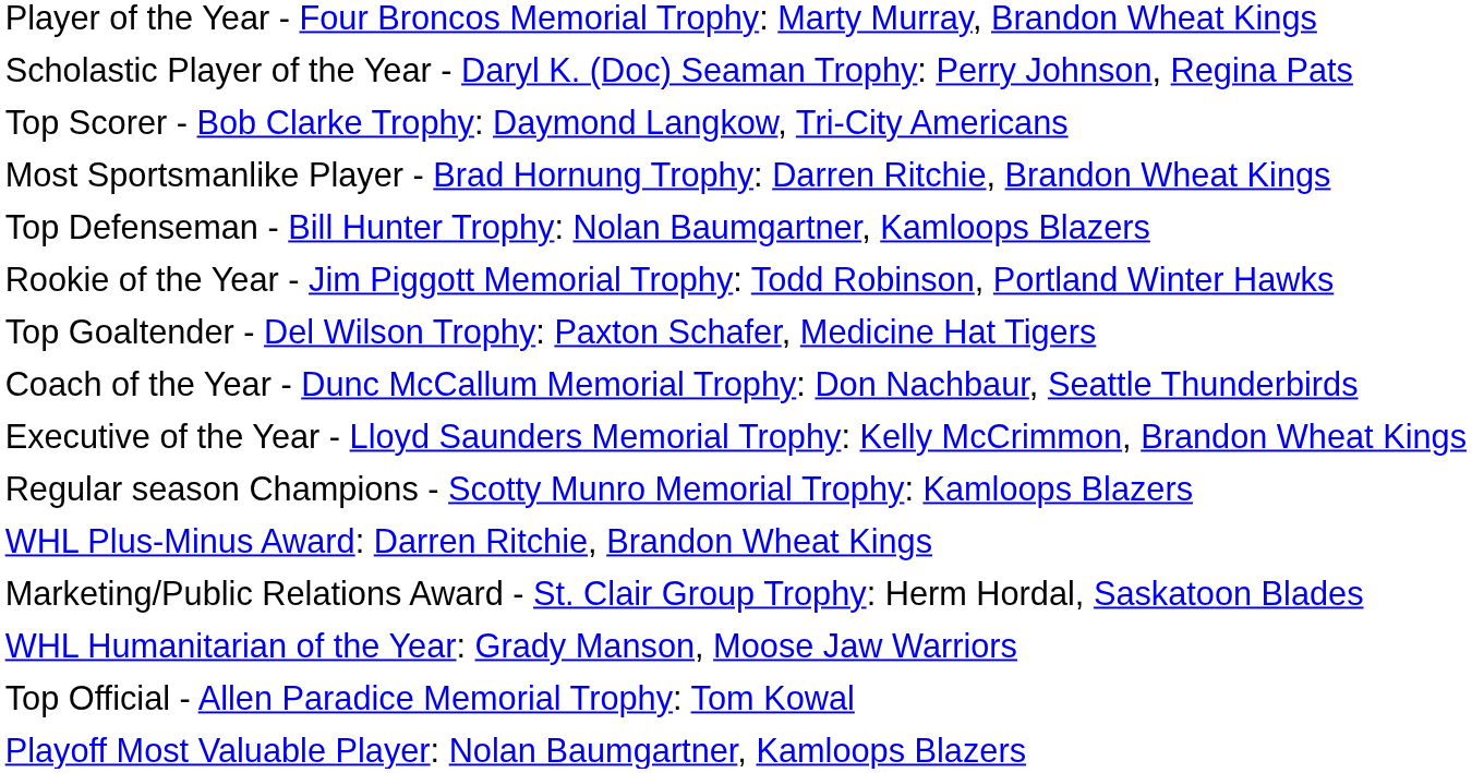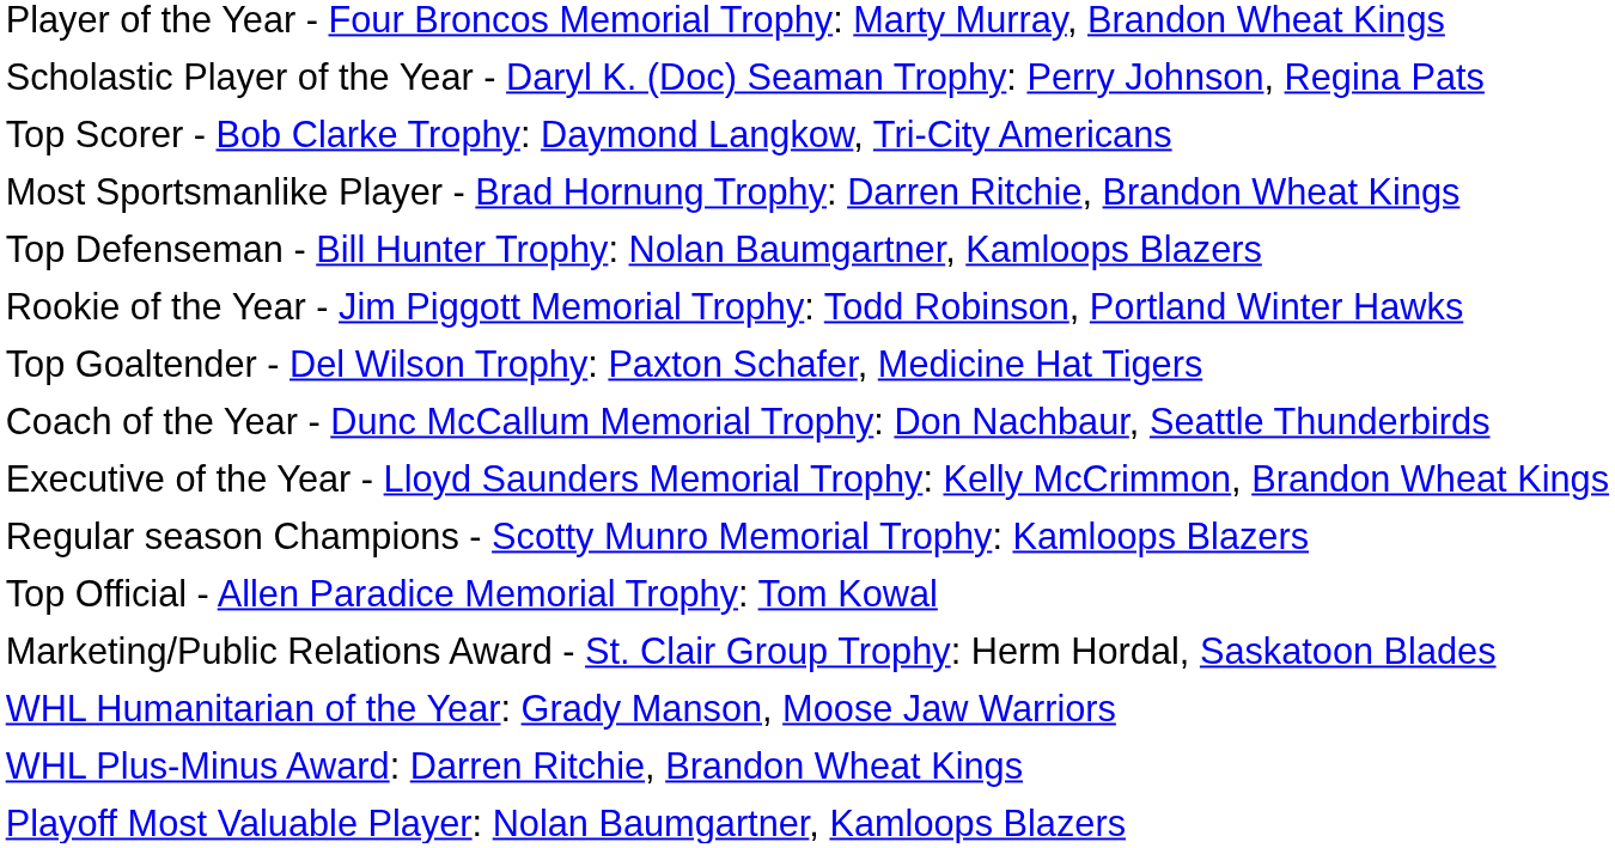 <table cellpadding="3" cellspacing="1">
 <tr>
 <td>Player of the Year - <a href='#'>Four Broncos Memorial Trophy</a>: <a href='#'>Marty Murray</a>, <a href='#'>Brandon Wheat Kings</a></td>
 </tr>
 <tr>
 <td>Scholastic Player of the Year - <a href='#'>Daryl K. (Doc) Seaman Trophy</a>: <a href='#'>Perry Johnson</a>, <a href='#'>Regina Pats</a></td>
 </tr>
 <tr>
 <td>Top Scorer - <a href='#'>Bob Clarke Trophy</a>: <a href='#'>Daymond Langkow</a>, <a href='#'>Tri-City Americans</a></td>
 </tr>
 <tr>
 <td>Most Sportsmanlike Player - <a href='#'>Brad Hornung Trophy</a>: <a href='#'>Darren Ritchie</a>, <a href='#'>Brandon Wheat Kings</a></td>
 </tr>
 <tr>
 <td>Top Defenseman - <a href='#'>Bill Hunter Trophy</a>: <a href='#'>Nolan Baumgartner</a>, <a href='#'>Kamloops Blazers</a></td>
 </tr>
 <tr>
 <td>Rookie of the Year - <a href='#'>Jim Piggott Memorial Trophy</a>: <a href='#'>Todd Robinson</a>, <a href='#'>Portland Winter Hawks</a></td>
 </tr>
 <tr>
 <td>Top Goaltender - <a href='#'>Del Wilson Trophy</a>: <a href='#'>Paxton Schafer</a>, <a href='#'>Medicine Hat Tigers</a></td>
 </tr>
 <tr>
 <td>Coach of the Year - <a href='#'>Dunc McCallum Memorial Trophy</a>: <a href='#'>Don Nachbaur</a>, <a href='#'>Seattle Thunderbirds</a></td>
 </tr>
 <tr>
 <td>Executive of the Year - <a href='#'>Lloyd Saunders Memorial Trophy</a>: <a href='#'>Kelly McCrimmon</a>, <a href='#'>Brandon Wheat Kings</a></td>
 </tr>
 <tr>
 <td>Regular season Champions - <a href='#'>Scotty Munro Memorial Trophy</a>: <a href='#'>Kamloops Blazers</a></td>
 </tr>
 <tr>
-<td><a href='#'>WHL Plus-Minus Award</a>: <a href='#'>Darren Ritchie</a>, <a href='#'>Brandon Wheat Kings</a></td>
+<td>Top Official - <a href='#'>Allen Paradice Memorial Trophy</a>: <a href='#'>Tom Kowal</a></td>
 </tr>
 <tr>
 <td>Marketing/Public Relations Award - <a href='#'>St. Clair Group Trophy</a>: Herm Hordal, <a href='#'>Saskatoon Blades</a></td>
 </tr>
 <tr>
 <td><a href='#'>WHL Humanitarian of the Year</a>: <a href='#'>Grady Manson</a>, <a href='#'>Moose Jaw Warriors</a></td>
 </tr>
 <tr>
-<td>Top Official - <a href='#'>Allen Paradice Memorial Trophy</a>: <a href='#'>Tom Kowal</a></td>
+<td><a href='#'>WHL Plus-Minus Award</a>: <a href='#'>Darren Ritchie</a>, <a href='#'>Brandon Wheat Kings</a></td>
 </tr>
 <tr>
 <td><a href='#'>Playoff Most Valuable Player</a>: <a href='#'>Nolan Baumgartner</a>, <a href='#'>Kamloops Blazers</a></td>
 </tr>
 </table>
